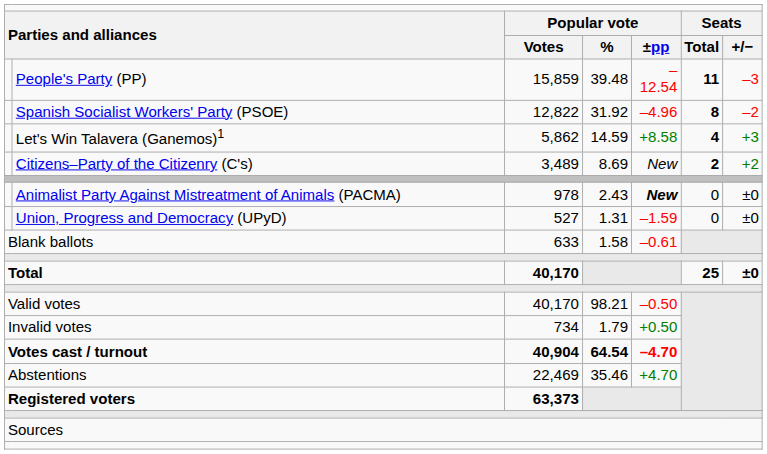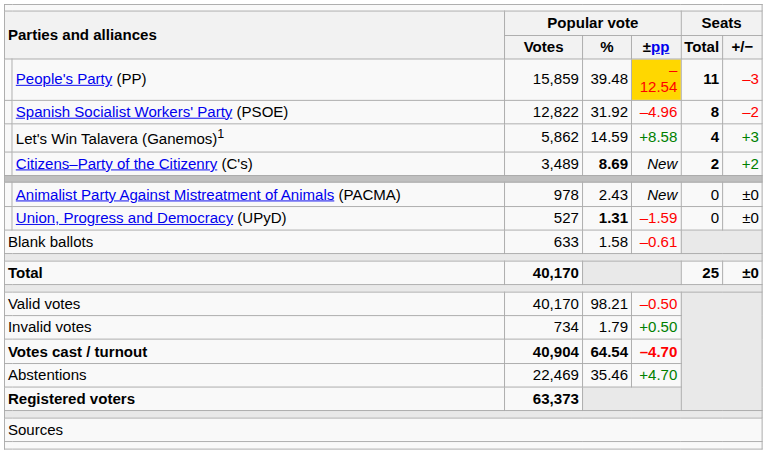 <table class="wikitable" style="text-align:right;">
 <tr>
 <td colspan="7"></td>
 </tr>
 <tr>
 <th style="text-align:left;" rowspan="2" colspan="2" width="525">Parties and alliances</th>
 <th colspan="3">Popular vote</th>
 <th colspan="2">Seats</th>
 </tr>
 <tr>
 <th width="75">Votes</th>
 <th width="45">%</th>
 <th width="45">±<a href='#'>pp</a></th>
 <th width="35">Total</th>
 <th width="35">+/−</th>
 </tr>
 <tr>
 <td width="1" style="color:inherit;background:"></td>
 <td align="left"><a href='#'>People's Party</a> (PP)</td>
 <td>15,859</td>
 <td>39.48</td>
-<td style="color:red;">–12.54</td>
+<td style="background: gold; color:red;">–12.54</td>
 <td><strong>11</strong></td>
 <td style="color:red;">–3</td>
 </tr>
 <tr>
 <td style="color:inherit;background:"></td>
 <td align="left"><a href='#'>Spanish Socialist Workers' Party</a> (PSOE)</td>
 <td>12,822</td>
 <td>31.92</td>
 <td style="color:red;">–4.96</td>
 <td><strong>8</strong></td>
 <td style="color:red;">–2</td>
 </tr>
 <tr>
 <td style="color:inherit;background:"></td>
 <td align="left">Let's Win Talavera (Ganemos)<sup>1</sup></td>
 <td>5,862</td>
 <td>14.59</td>
 <td style="color:green;">+8.58</td>
 <td><strong>4</strong></td>
 <td style="color:green;">+3</td>
 </tr>
 <tr>
 <td style="color:inherit;background:"></td>
 <td align="left"><a href='#'>Citizens–Party of the Citizenry</a> (C's)</td>
 <td>3,489</td>
-<td>8.69</td>
+<td><strong>8.69</strong></td>
 <td><em>New</em></td>
 <td><strong>2</strong></td>
 <td style="color:green;">+2</td>
 </tr>
 <tr>
 <td colspan="7" bgcolor="#C0C0C0"></td>
 </tr>
 <tr>
 <td style="color:inherit;background:"></td>
 <td align="left"><a href='#'>Animalist Party Against Mistreatment of Animals</a> (PACMA)</td>
 <td>978</td>
 <td>2.43</td>
-<td><strong><em>New</em></strong></td>
+<td><em>New</em></td>
 <td>0</td>
 <td>±0</td>
 </tr>
 <tr>
 <td style="color:inherit;background:"></td>
 <td align="left"><a href='#'>Union, Progress and Democracy</a> (UPyD)</td>
 <td>527</td>
-<td>1.31</td>
+<td><strong>1.31</strong></td>
 <td style="color:red;">–1.59</td>
 <td>0</td>
 <td>±0</td>
 </tr>
 <tr>
 <td align="left" colspan="2">Blank ballots</td>
 <td>633</td>
 <td>1.58</td>
 <td style="color:red;">–0.61</td>
 <td bgcolor="#E9E9E9" colspan="2"></td>
 </tr>
 <tr>
 <td colspan="7" bgcolor="#E9E9E9"></td>
 </tr>
 <tr style="font-weight:bold;">
 <td align="left" colspan="2">Total</td>
 <td>40,170</td>
 <td bgcolor="#E9E9E9" colspan="2"></td>
 <td>25</td>
 <td>±0</td>
 </tr>
 <tr>
 <td colspan="7" bgcolor="#E9E9E9"></td>
 </tr>
 <tr>
 <td align="left" colspan="2">Valid votes</td>
 <td>40,170</td>
 <td>98.21</td>
 <td style="color:red;">–0.50</td>
 <td bgcolor="#E9E9E9" colspan="2" rowspan="5"></td>
 </tr>
 <tr>
 <td align="left" colspan="2">Invalid votes</td>
 <td>734</td>
 <td>1.79</td>
 <td style="color:green;">+0.50</td>
 </tr>
 <tr style="font-weight:bold;">
 <td align="left" colspan="2">Votes cast / turnout</td>
 <td>40,904</td>
 <td>64.54</td>
 <td style="color:red;">–4.70</td>
 </tr>
 <tr>
 <td align="left" colspan="2">Abstentions</td>
 <td>22,469</td>
 <td>35.46</td>
 <td style="color:green;">+4.70</td>
 </tr>
 <tr style="font-weight:bold;">
 <td align="left" colspan="2">Registered voters</td>
 <td>63,373</td>
 <td bgcolor="#E9E9E9" colspan="2"></td>
 </tr>
 <tr>
 <td colspan="7" bgcolor="#E9E9E9"></td>
 </tr>
 <tr>
 <td align="left" colspan="7">Sources</td>
 </tr>
 <tr>
 <td colspan="7" style="text-align:left; max-width:790px;"></td>
 </tr>
 </table>
